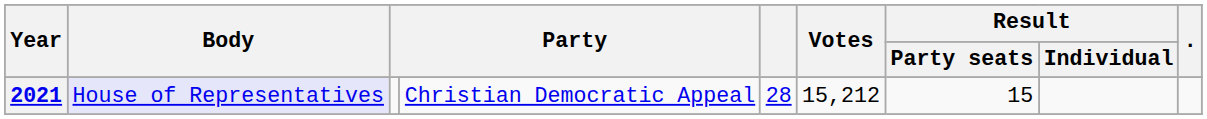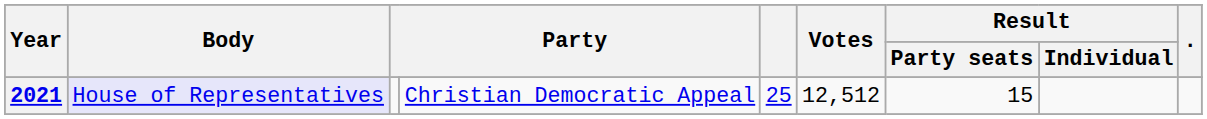 <table class="wikitable plainrowheaders sortable" border=2 cellpadding=4 cellspacing=0 style="border: 1px #aaa solid; font-size: 90%; text-align:center;">
 <tr>
 <th scope="col" rowspan=2>Year</th>
 <th scope="col" rowspan=2>Body</th>
 <th scope="col" colspan=2 rowspan=2>Party</th>
 <th scope="col" rowspan=2></th>
 <th scope="col" rowspan=2>Votes</th>
 <th scope="colgroup" colspan=2>Result</th>
 <th scope="col" rowspan=2 class="unsortable">.</th>
 </tr>
 <tr>
 <th scope="col">Party seats</th>
 <th scope="col">Individual</th>
 </tr>
 <tr>
 <th scope="row"><a href='#'>2021</a></th>
 <td style="background: lavender;"><a href='#'>House of Representatives</a></td>
 <td style="background-color:"></td>
 <td><a href='#'>Christian Democratic Appeal</a></td>
-<td style=text-align:right><a href='#'>28</a></td>
-<td style=text-align:right>15,212</td>
+<td style=text-align:right><a href='#'>25</a></td>
+<td style=text-align:right>12,512</td>
 <td style=text-align:right>15</td>
 <td></td>
 <td></td>
 </tr>
 </table>
